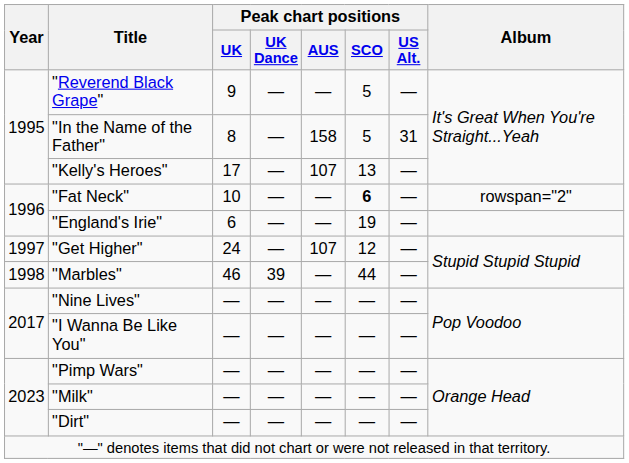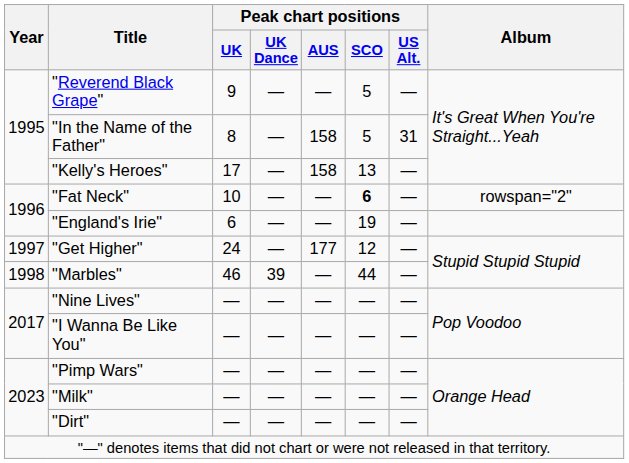 <table class="wikitable" style="text-align:center;">
 <tr>
 <th rowspan="2" style="width:2em;">Year</th>
 <th rowspan="2" style="width:16em;">Title</th>
 <th colspan="5">Peak chart positions</th>
 <th rowspan="2" style="width:18em;">Album</th>
 </tr>
 <tr>
 <th style="width:3em;font-size:90%;"><a href='#'>UK</a><br></th>
 <th style="width:3em;font-size:90%;"><a href='#'>UK<br>Dance</a><br></th>
 <th style="width:3em;font-size:90%;"><a href='#'>AUS</a><br></th>
 <th style="width:3em;font-size:90%;"><a href='#'>SCO</a><br></th>
 <th style="width:3em;font-size:90%;"><a href='#'>US<br>Alt.</a><br></th>
 </tr>
 <tr>
 <td rowspan="3">1995</td>
 <td style="text-align:left;">"<a href='#'>Reverend Black Grape</a>"</td>
 <td>9</td>
 <td>—</td>
 <td>—</td>
 <td>5</td>
 <td>—</td>
 <td style="text-align:left;" rowspan="3"><em>It's Great When You're Straight...Yeah</em></td>
 </tr>
 <tr>
 <td style="text-align:left;">"In the Name of the Father"</td>
 <td>8</td>
 <td>—</td>
 <td>158</td>
 <td>5</td>
 <td>31</td>
 </tr>
 <tr>
 <td style="text-align:left;">"Kelly's Heroes"</td>
 <td>17</td>
 <td>—</td>
-<td>107</td>
+<td>158</td>
 <td>13</td>
 <td>—</td>
 </tr>
 <tr>
 <td rowspan="2">1996</td>
 <td style="text-align:left;">"Fat Neck"</td>
 <td>10</td>
 <td>—</td>
 <td>—</td>
 <td><strong>6</strong></td>
 <td>—</td>
 <td>rowspan="2" </td>
 </tr>
 <tr>
 <td style="text-align:left;">"England's Irie"</td>
 <td>6</td>
 <td>—</td>
 <td>—</td>
 <td>19</td>
 <td>—</td>
 </tr>
 <tr>
 <td>1997</td>
 <td style="text-align:left;">"Get Higher"</td>
 <td>24</td>
 <td>—</td>
-<td>107</td>
+<td>177</td>
 <td>12</td>
 <td>—</td>
 <td style="text-align:left;" rowspan="2"><em>Stupid Stupid Stupid</em></td>
 </tr>
 <tr>
 <td>1998</td>
 <td style="text-align:left;">"Marbles"</td>
 <td>46</td>
 <td>39</td>
 <td>—</td>
 <td>44</td>
 <td>—</td>
 </tr>
 <tr>
 <td rowspan=2>2017</td>
 <td style="text-align:left;">"Nine Lives"</td>
 <td>—</td>
 <td>—</td>
 <td>—</td>
 <td>—</td>
 <td>—</td>
 <td style="text-align:left;" rowspan="2"><em>Pop Voodoo</em></td>
 </tr>
 <tr>
 <td style="text-align:left;">"I Wanna Be Like You"</td>
 <td>—</td>
 <td>—</td>
 <td>—</td>
 <td>—</td>
 <td>—</td>
 </tr>
 <tr>
 <td rowspan="3">2023</td>
 <td style="text-align:left;">"Pimp Wars"</td>
 <td>—</td>
 <td>—</td>
 <td>—</td>
 <td>—</td>
 <td>—</td>
 <td style="text-align:left;" rowspan="3"><em>Orange Head</em></td>
 </tr>
 <tr>
 <td style="text-align:left;">"Milk"</td>
 <td>—</td>
 <td>—</td>
 <td>—</td>
 <td>—</td>
 <td>—</td>
 </tr>
 <tr>
 <td style="text-align:left;">"Dirt"</td>
 <td>—</td>
 <td>—</td>
 <td>—</td>
 <td>—</td>
 <td>—</td>
 </tr>
 <tr>
 <td colspan="8" align="center" style="font-size:90%">"—" denotes items that did not chart or were not released in that territory.</td>
 </tr>
 </table>
